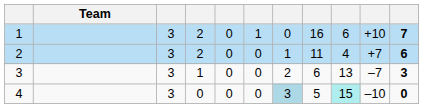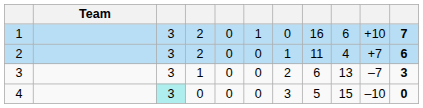 <table class="wikitable" style="text-align: center; font-size: 100%;">
 <tr>
 <th width="30"></th>
 <th width="150">Team</th>
 <th width="30"></th>
 <th width="30"></th>
 <th width="30"></th>
 <th width="30"></th>
 <th width="30"></th>
 <th width="30"></th>
 <th width="30"></th>
 <th width="30"></th>
 <th width="30"></th>
 </tr>
 <tr style="background-color: #b8def6;">
 <td>1</td>
 <td align=left></td>
 <td>3</td>
 <td>2</td>
 <td>0</td>
 <td>1</td>
 <td>0</td>
 <td>16</td>
 <td>6</td>
 <td>+10</td>
 <td><strong>7</strong></td>
 </tr>
 <tr style="background-color: #b8def6;">
 <td>2</td>
 <td align=left></td>
 <td>3</td>
 <td>2</td>
 <td>0</td>
 <td>0</td>
 <td>1</td>
 <td>11</td>
 <td>4</td>
 <td>+7</td>
 <td><strong>6</strong></td>
 </tr>
 <tr>
 <td>3</td>
 <td align=left></td>
 <td>3</td>
 <td>1</td>
 <td>0</td>
 <td>0</td>
 <td>2</td>
 <td>6</td>
 <td>13</td>
 <td>–7</td>
 <td><strong>3</strong></td>
 </tr>
 <tr>
 <td>4</td>
 <td align=left></td>
-<td>3</td>
+<td style="background: paleturquoise;">3</td>
 <td>0</td>
 <td>0</td>
 <td>0</td>
-<td style="background: lightblue;">3</td>
+<td>3</td>
 <td>5</td>
-<td style="background: paleturquoise;">15</td>
+<td>15</td>
 <td>–10</td>
 <td><strong>0</strong></td>
 </tr>
 </table>
